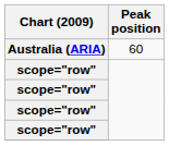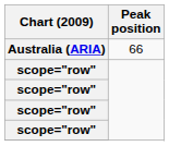 <table class="wikitable sortable plainrowheaders">
 <tr>
 <th scope="col">Chart (2009)</th>
 <th scope="col">Peak<br>position</th>
 </tr>
 <tr>
 <th scope="row">Australia (<a href='#'>ARIA</a>)</th>
-<td style="text-align:center;">60</td>
+<td style="text-align:center;">66</td>
 </tr>
 <tr>
 <th>scope="row"</th>
 </tr>
 <tr>
 <th>scope="row"</th>
 </tr>
 <tr>
 <th>scope="row"</th>
 </tr>
 <tr>
 <th>scope="row"</th>
 </tr>
 <tr>
 </tr>
 </table>
